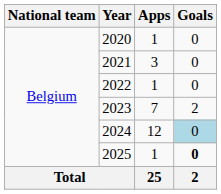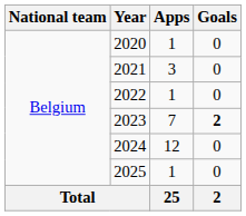 <table class=wikitable style="text-align: center;">
 <tr>
 <th>National team</th>
 <th>Year</th>
 <th>Apps</th>
 <th>Goals</th>
 </tr>
 <tr>
 <td rowspan=6><a href='#'>Belgium</a></td>
 <td>2020</td>
 <td>1</td>
 <td>0</td>
 </tr>
 <tr>
 <td>2021</td>
 <td>3</td>
 <td>0</td>
 </tr>
 <tr>
 <td>2022</td>
 <td>1</td>
 <td>0</td>
 </tr>
 <tr>
 <td>2023</td>
 <td>7</td>
-<td>2</td>
+<td><strong>2</strong></td>
 </tr>
 <tr>
 <td>2024</td>
 <td>12</td>
-<td style="background: lightblue;">0</td>
+<td>0</td>
 </tr>
 <tr>
 <td>2025</td>
 <td>1</td>
-<td><strong>0</strong></td>
+<td>0</td>
 </tr>
 <tr>
 <th colspan=2>Total</th>
 <th>25</th>
 <th>2</th>
 </tr>
 </table>
